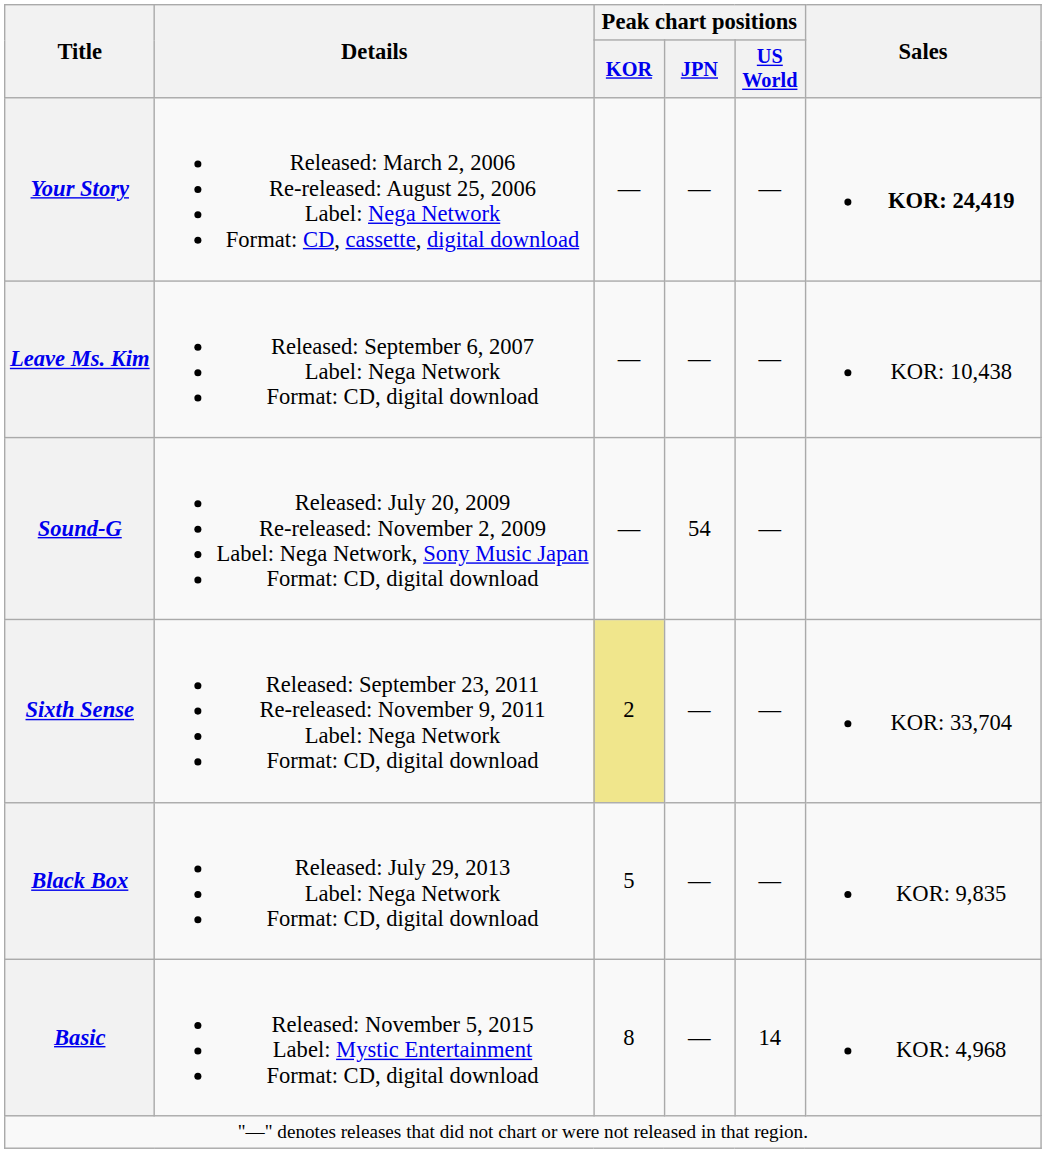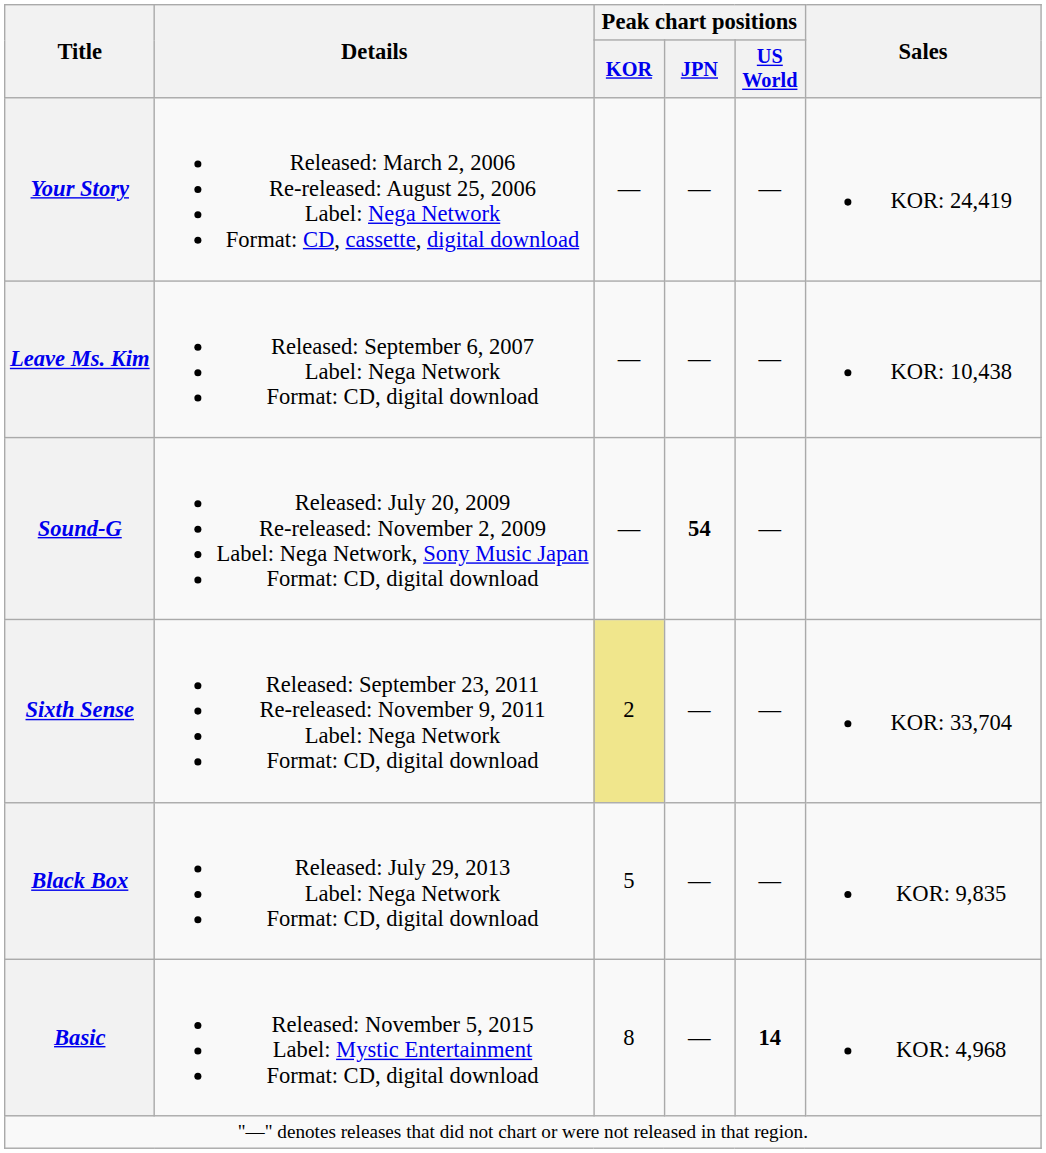 <table class="wikitable plainrowheaders" style="text-align:center;">
 <tr>
 <th rowspan="2">Title</th>
 <th rowspan="2">Details</th>
 <th colspan="3">Peak chart positions</th>
 <th rowspan="2" style="width:10em;">Sales</th>
 </tr>
 <tr>
 <th scope="col" style="width:3em;font-size:90%;"><a href='#'>KOR</a><br></th>
 <th scope="col" style="width:3em;font-size:90%;"><a href='#'>JPN</a><br></th>
 <th scope="col" style="width:3em;font-size:90%;"><a href='#'>US World</a><br></th>
 </tr>
 <tr>
 <th scope="row"><em><a href='#'>Your Story</a></em></th>
 <td><br><ul><li>Released: March 2, 2006</li><li>Re-released: August 25, 2006</li><li>Label: <a href='#'>Nega Network</a></li><li>Format: <a href='#'>CD</a>, <a href='#'>cassette</a>, <a href='#'>digital download</a></li></ul></td>
 <td>—</td>
 <td>—</td>
 <td>—</td>
-<td><strong><br><ul><li>KOR: 24,419</li></ul></strong></td>
+<td><br><ul><li>KOR: 24,419</li></ul></td>
 </tr>
 <tr>
 <th scope="row"><em><a href='#'>Leave Ms. Kim</a></em></th>
 <td><br><ul><li>Released: September 6, 2007</li><li>Label: Nega Network</li><li>Format: CD, digital download</li></ul></td>
 <td>—</td>
 <td>—</td>
 <td>—</td>
 <td><br><ul><li>KOR: 10,438</li></ul></td>
 </tr>
 <tr>
 <th scope="row"><em><a href='#'>Sound-G</a></em></th>
 <td><br><ul><li>Released: July 20, 2009</li><li>Re-released: November 2, 2009</li><li>Label: Nega Network, <a href='#'>Sony Music Japan</a></li><li>Format: CD, digital download</li></ul></td>
 <td>—</td>
-<td>54</td>
+<td><strong>54</strong></td>
 <td>—</td>
 <td></td>
 </tr>
 <tr>
 <th scope="row"><em><a href='#'>Sixth Sense</a></em></th>
 <td><br><ul><li>Released: September 23, 2011</li><li>Re-released: November 9, 2011</li><li>Label: Nega Network</li><li>Format: CD, digital download</li></ul></td>
 <td style="background: khaki;">2</td>
 <td>—</td>
 <td>—</td>
 <td><br><ul><li>KOR: 33,704</li></ul></td>
 </tr>
 <tr>
 <th scope="row"><em><a href='#'>Black Box</a></em></th>
 <td><br><ul><li>Released: July 29, 2013</li><li>Label: Nega Network</li><li>Format: CD, digital download</li></ul></td>
 <td>5</td>
 <td>—</td>
 <td>—</td>
 <td><br><ul><li>KOR: 9,835</li></ul></td>
 </tr>
 <tr>
 <th scope="row"><em><a href='#'>Basic</a></em></th>
 <td><br><ul><li>Released: November 5, 2015</li><li>Label: <a href='#'>Mystic Entertainment</a></li><li>Format: CD, digital download</li></ul></td>
 <td>8</td>
 <td>—</td>
-<td>14</td>
+<td><strong>14</strong></td>
 <td><br><ul><li>KOR: 4,968</li></ul></td>
 </tr>
 <tr>
 <td colspan="6" style="font-size:85%;">"—" denotes releases that did not chart or were not released in that region.</td>
 </tr>
 </table>
